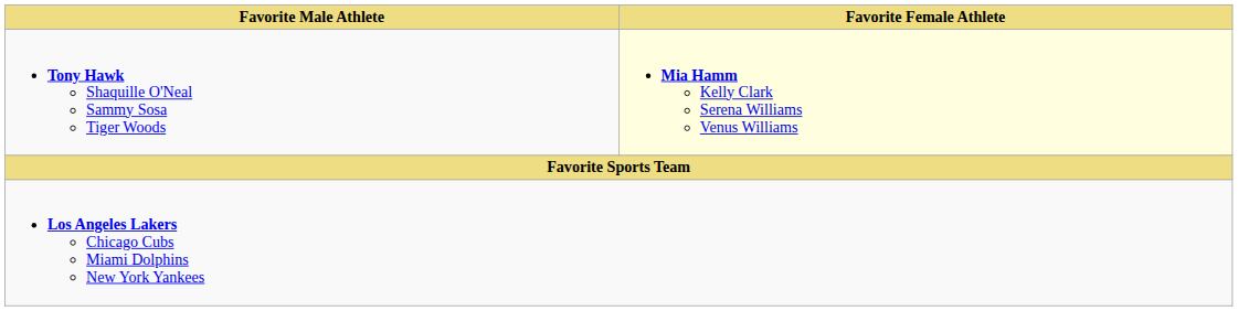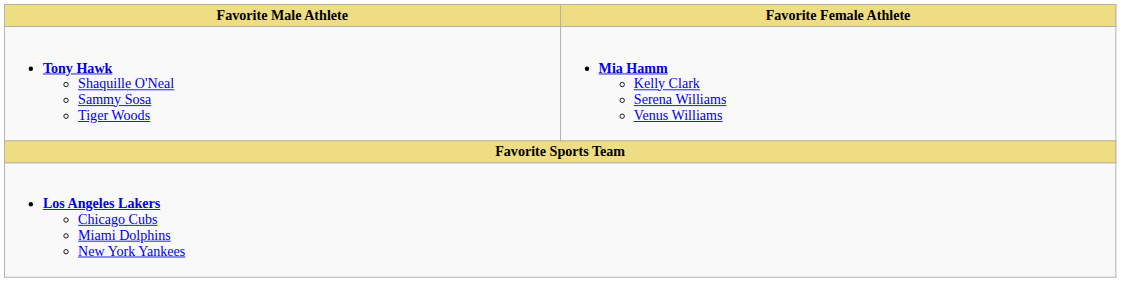 <table class="wikitable" style="width:100%">
 <tr>
 <th style="background:#EEDD82; width:50%">Favorite Male Athlete</th>
 <th style="background:#EEDD82; width:50%">Favorite Female Athlete</th>
 </tr>
 <tr>
 <td valign="top"><br><ul><li><strong><a href='#'>Tony Hawk</a></strong><ul><li><a href='#'>Shaquille O'Neal</a></li><li><a href='#'>Sammy Sosa</a></li><li><a href='#'>Tiger Woods</a></li></ul></li></ul></td>
-<td valign="top" style="background: lightyellow;"><br><ul><li><strong><a href='#'>Mia Hamm</a></strong><ul><li><a href='#'>Kelly Clark</a></li><li><a href='#'>Serena Williams</a></li><li><a href='#'>Venus Williams</a></li></ul></li></ul></td>
+<td valign="top"><br><ul><li><strong><a href='#'>Mia Hamm</a></strong><ul><li><a href='#'>Kelly Clark</a></li><li><a href='#'>Serena Williams</a></li><li><a href='#'>Venus Williams</a></li></ul></li></ul></td>
 </tr>
 <tr>
 <th style="background:#EEDD82;" colspan="2">Favorite Sports Team</th>
 </tr>
 <tr>
 <td colspan="2" valign="top"><br><ul><li><strong><a href='#'>Los Angeles Lakers</a></strong><ul><li><a href='#'>Chicago Cubs</a></li><li><a href='#'>Miami Dolphins</a></li><li><a href='#'>New York Yankees</a></li></ul></li></ul></td>
 </tr>
 </table>
